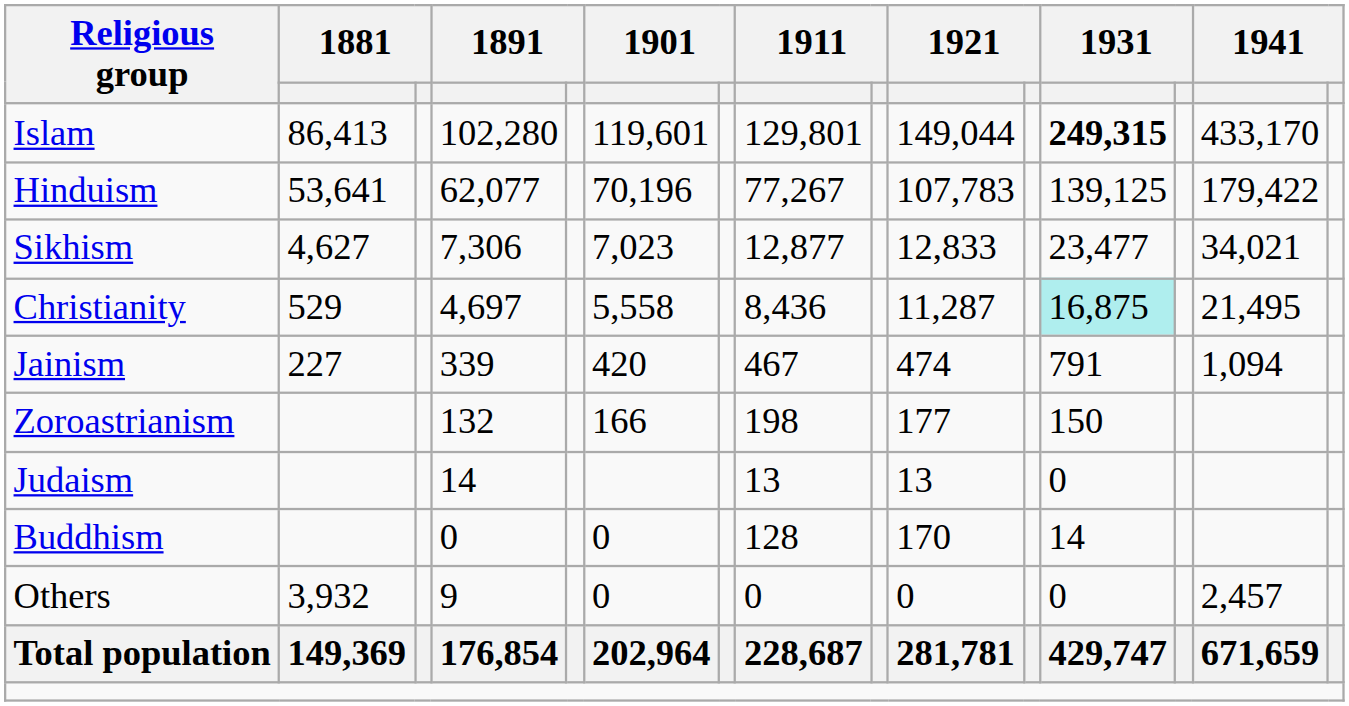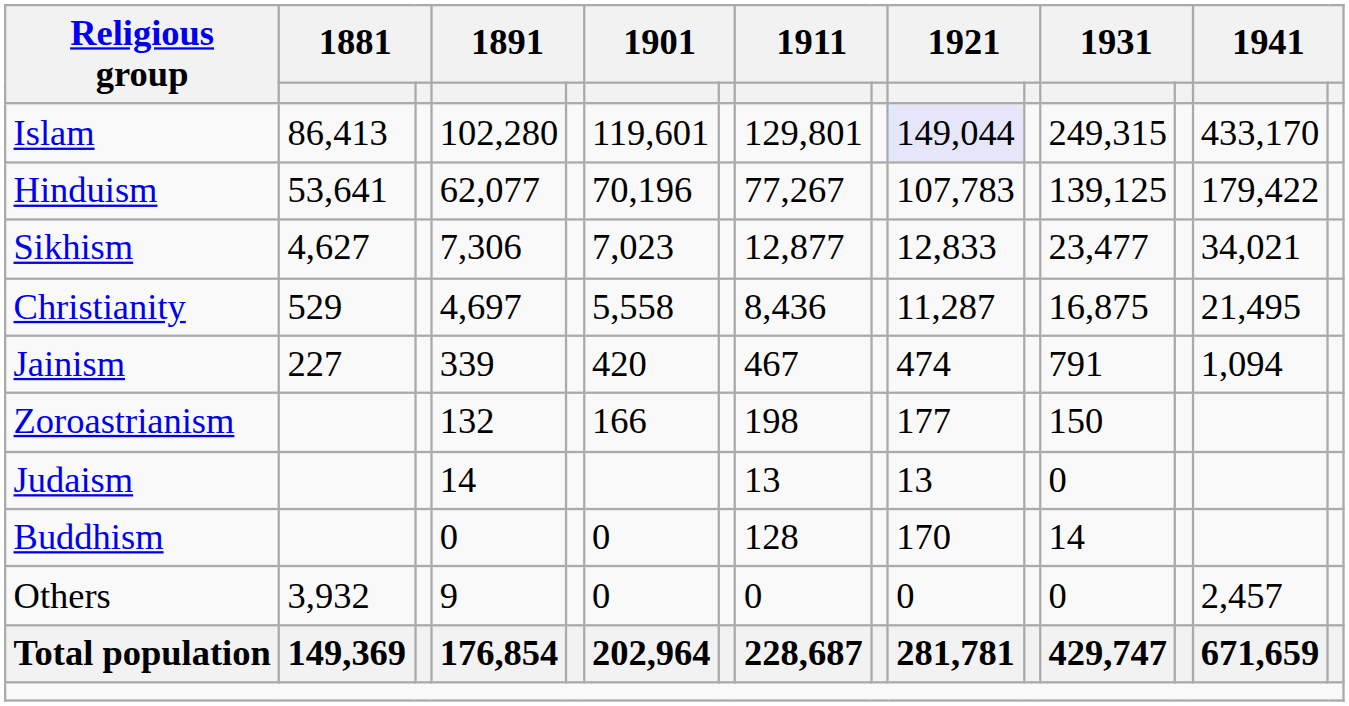 <table class="wikitable collapsible sortable">
 <tr>
 <th rowspan="2"><a href='#'>Religious</a><br>group</th>
 <th colspan="2">1881</th>
 <th colspan="2">1891</th>
 <th colspan="2">1901</th>
 <th colspan="2">1911</th>
 <th colspan="2">1921</th>
 <th colspan="2">1931</th>
 <th colspan="2">1941</th>
 </tr>
 <tr>
 <th><a href='#'></a></th>
 <th></th>
 <th></th>
 <th></th>
 <th></th>
 <th></th>
 <th></th>
 <th></th>
 <th></th>
 <th></th>
 <th></th>
 <th></th>
 <th></th>
 <th></th>
 </tr>
 <tr>
 <td><a href='#'>Islam</a> </td>
 <td>86,413</td>
 <td></td>
 <td>102,280</td>
 <td></td>
 <td>119,601</td>
 <td></td>
 <td>129,801</td>
 <td></td>
-<td>149,044</td>
+<td style="background: lavender;">149,044</td>
 <td></td>
-<td><strong>249,315</strong></td>
+<td>249,315</td>
 <td></td>
 <td>433,170</td>
 <td></td>
 </tr>
 <tr>
 <td><a href='#'>Hinduism</a> </td>
 <td>53,641</td>
 <td></td>
 <td>62,077</td>
 <td></td>
 <td>70,196</td>
 <td></td>
 <td>77,267</td>
 <td></td>
 <td>107,783</td>
 <td></td>
 <td>139,125</td>
 <td></td>
 <td>179,422</td>
 <td></td>
 </tr>
 <tr>
 <td><a href='#'>Sikhism</a> </td>
 <td>4,627</td>
 <td></td>
 <td>7,306</td>
 <td></td>
 <td>7,023</td>
 <td></td>
 <td>12,877</td>
 <td></td>
 <td>12,833</td>
 <td></td>
 <td>23,477</td>
 <td></td>
 <td>34,021</td>
 <td></td>
 </tr>
 <tr>
 <td><a href='#'>Christianity</a> </td>
 <td>529</td>
 <td></td>
 <td>4,697</td>
 <td></td>
 <td>5,558</td>
 <td></td>
 <td>8,436</td>
 <td></td>
 <td>11,287</td>
 <td></td>
-<td style="background: paleturquoise;">16,875</td>
+<td>16,875</td>
 <td></td>
 <td>21,495</td>
 <td></td>
 </tr>
 <tr>
 <td><a href='#'>Jainism</a> </td>
 <td>227</td>
 <td></td>
 <td>339</td>
 <td></td>
 <td>420</td>
 <td></td>
 <td>467</td>
 <td></td>
 <td>474</td>
 <td></td>
 <td>791</td>
 <td></td>
 <td>1,094</td>
 <td></td>
 </tr>
 <tr>
 <td><a href='#'>Zoroastrianism</a> </td>
 <td></td>
 <td></td>
 <td>132</td>
 <td></td>
 <td>166</td>
 <td></td>
 <td>198</td>
 <td></td>
 <td>177</td>
 <td></td>
 <td>150</td>
 <td></td>
 <td></td>
 <td></td>
 </tr>
 <tr>
 <td><a href='#'>Judaism</a> </td>
 <td></td>
 <td></td>
 <td>14</td>
 <td></td>
 <td></td>
 <td></td>
 <td>13</td>
 <td></td>
 <td>13</td>
 <td></td>
 <td>0</td>
 <td></td>
 <td></td>
 <td></td>
 </tr>
 <tr>
 <td><a href='#'>Buddhism</a> </td>
 <td></td>
 <td></td>
 <td>0</td>
 <td></td>
 <td>0</td>
 <td></td>
 <td>128</td>
 <td></td>
 <td>170</td>
 <td></td>
 <td>14</td>
 <td></td>
 <td></td>
 <td></td>
 </tr>
 <tr>
 <td>Others</td>
 <td>3,932</td>
 <td></td>
 <td>9</td>
 <td></td>
 <td>0</td>
 <td></td>
 <td>0</td>
 <td></td>
 <td>0</td>
 <td></td>
 <td>0</td>
 <td></td>
 <td>2,457</td>
 <td></td>
 </tr>
 <tr>
 <th>Total population</th>
 <th>149,369</th>
 <th></th>
 <th>176,854</th>
 <th></th>
 <th>202,964</th>
 <th></th>
 <th>228,687</th>
 <th></th>
 <th>281,781</th>
 <th></th>
 <th>429,747</th>
 <th></th>
 <th>671,659</th>
 <th></th>
 </tr>
 <tr class="sortbottom">
 <td colspan="17"></td>
 </tr>
 </table>
